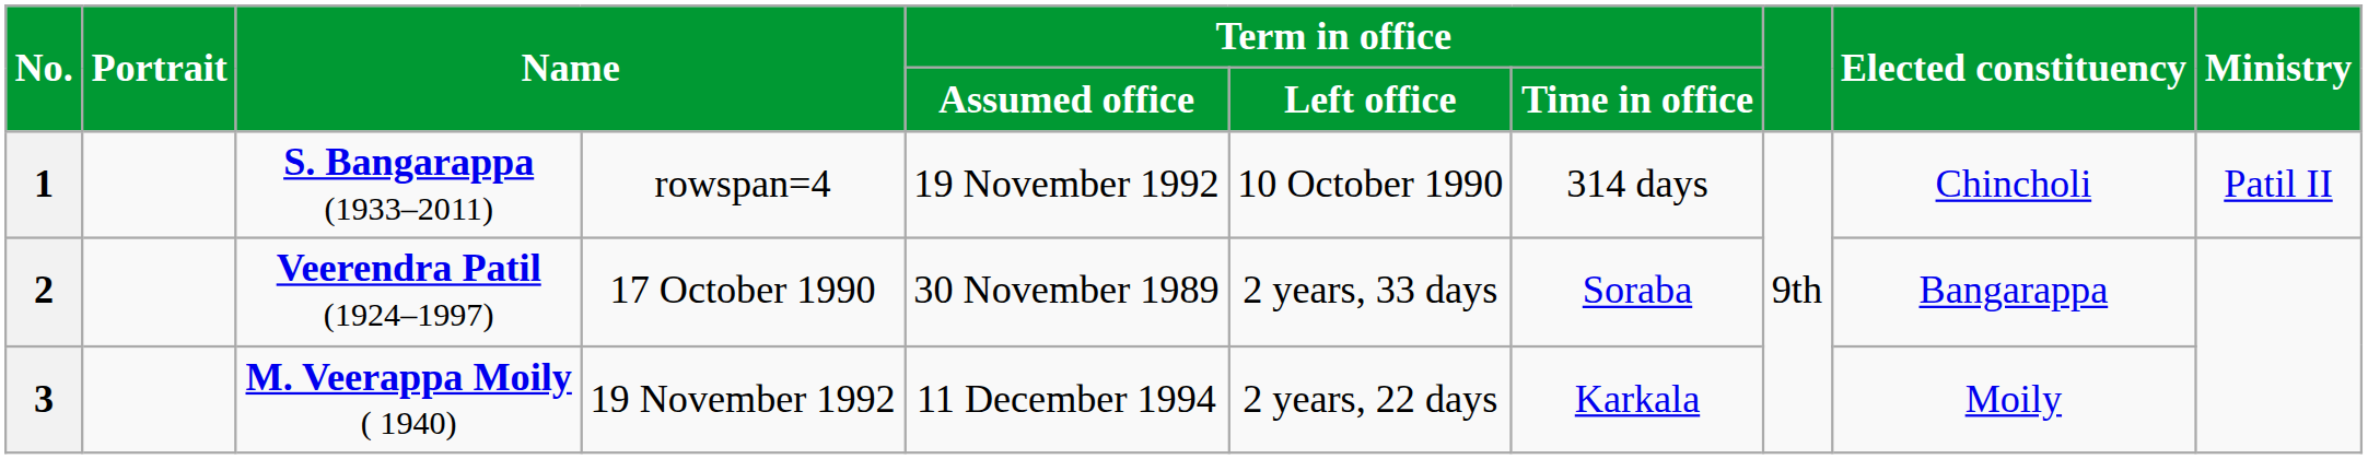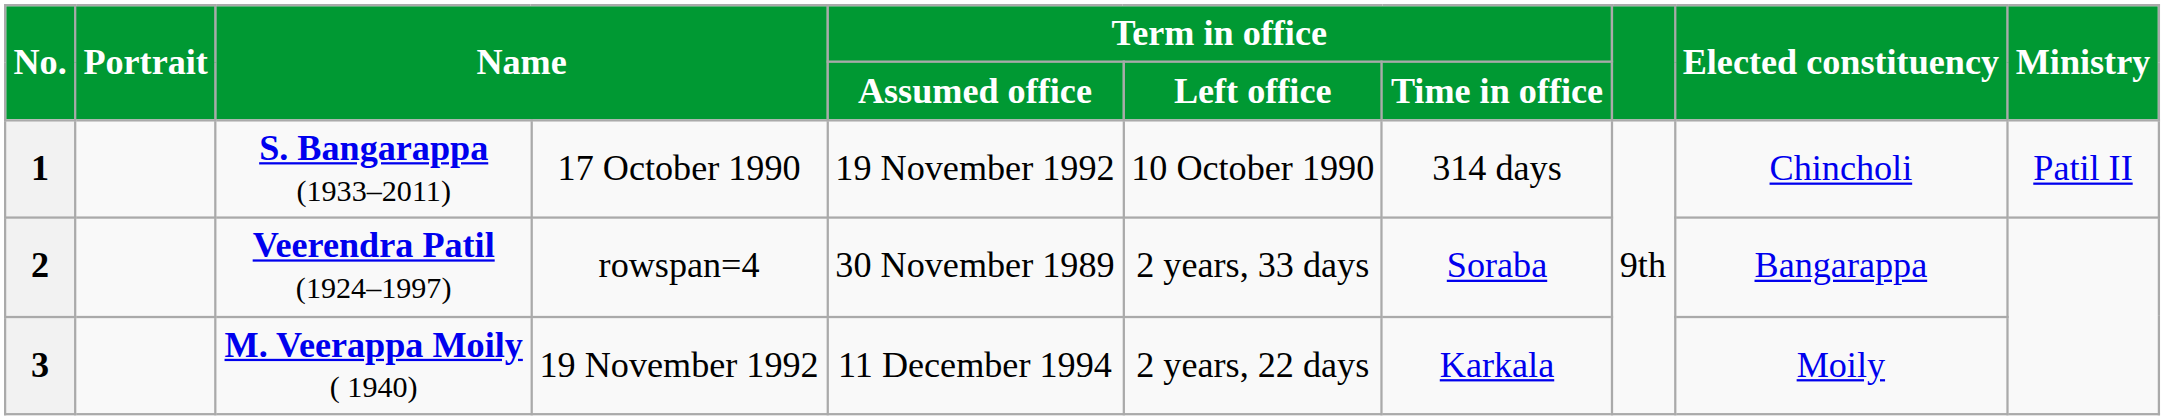 <table class="wikitable sortable" style="text-align:center;">
 <tr>
 <th rowspan=2 style="background-color:#009933;color:white">No.</th>
 <th rowspan=2 style="background-color:#009933;color:white">Portrait</th>
 <th rowspan=2 colspan=2 style="background-color:#009933;color:white">Name<br></th>
 <th colspan=3 style="background-color:#009933;color:white">Term in office</th>
 <th rowspan=2 style="background-color:#009933;color:white"><a href='#'></a><br></th>
 <th rowspan=2 style="background-color:#009933;color:white">Elected constituency</th>
 <th rowspan=2 style="background-color:#009933;color:white">Ministry</th>
 </tr>
 <tr>
 <th style="background-color:#009933;color:white">Assumed office</th>
 <th style="background-color:#009933;color:white">Left office</th>
 <th style="background-color:#009933;color:white">Time in office</th>
 </tr>
 <tr>
 <th>1</th>
 <td></td>
 <td><strong><a href='#'>S. Bangarappa</a></strong><br><small>(1933–2011)</small></td>
-<td>rowspan=4 </td>
+<td>17 October 1990</td>
 <td>19 November 1992</td>
 <td>10 October 1990</td>
 <td>314 days</td>
 <td rowspan=3>9th<br></td>
 <td><a href='#'>Chincholi</a></td>
 <td><a href='#'>Patil II</a></td>
 </tr>
 <tr>
 <th>2</th>
 <td></td>
 <td><strong><a href='#'>Veerendra Patil</a></strong><br><small>(1924–1997)</small></td>
-<td>17 October 1990</td>
+<td>rowspan=4 </td>
 <td>30 November 1989</td>
 <td>2 years, 33 days</td>
 <td><a href='#'>Soraba</a></td>
 <td><a href='#'>Bangarappa</a></td>
 </tr>
 <tr>
 <th>3</th>
 <td></td>
 <td><strong><a href='#'>M. Veerappa Moily</a></strong><br><small>( 1940)</small></td>
 <td>19 November 1992</td>
 <td>11 December 1994</td>
 <td>2 years, 22 days</td>
 <td><a href='#'>Karkala</a></td>
 <td><a href='#'>Moily</a></td>
 </tr>
 </table>
